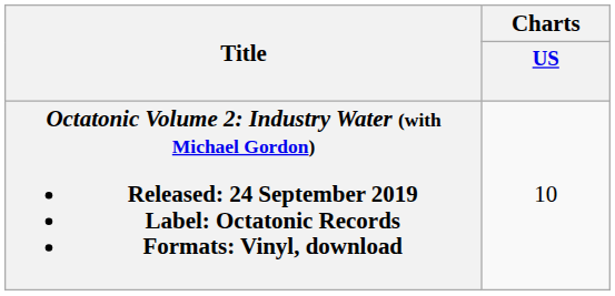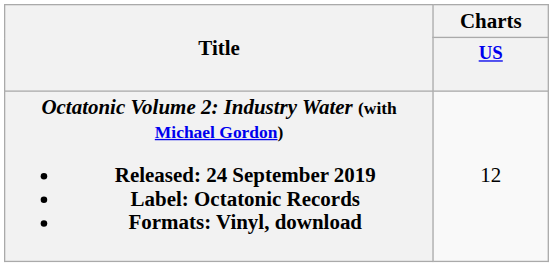 <table class="wikitable plainrowheaders" style="text-align:center;">
 <tr>
 <th rowspan="2" style="width:20em;">Title</th>
 <th colspan="1" style="width:5em;">Charts</th>
 </tr>
 <tr>
 <th scope="col" style="width:3em;font-size:90%;"><a href='#'>US<br></a><br></th>
 </tr>
 <tr>
 <th scope="row"><em>Octatonic Volume 2: Industry Water</em> <small>(with <a href='#'>Michael Gordon</a>)</small><br><ul><li>Released: 24 September 2019</li><li>Label: Octatonic Records</li><li>Formats: Vinyl, download</li></ul></th>
-<td>10</td>
+<td>12</td>
 </tr>
 </table>
